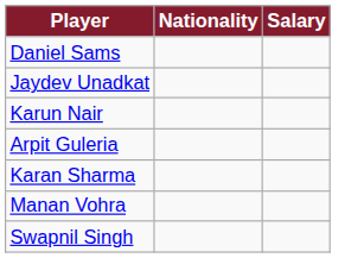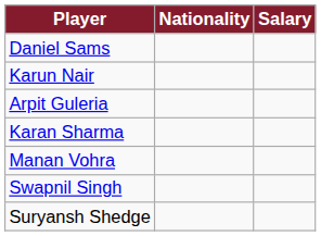 <table class="wikitable" style="font-size:90%;">
 <tr>
 <th style="background: #841B2D;color:white">Player</th>
 <th style="background: #841B2D;color:white">Nationality</th>
 <th style="background: #841B2D;color:white">Salary</th>
 </tr>
 <tr>
 <td><a href='#'>Daniel Sams</a></td>
-<td></td>
-<td></td>
-</tr>
-<tr>
-<td><a href='#'>Jaydev Unadkat</a></td>
 <td></td>
 <td></td>
 </tr>
 <tr>
 <td><a href='#'>Karun Nair</a></td>
 <td></td>
 <td></td>
 </tr>
 <tr>
 <td><a href='#'>Arpit Guleria</a></td>
 <td></td>
 <td></td>
 </tr>
 <tr>
 <td><a href='#'>Karan Sharma</a></td>
 <td></td>
 <td></td>
 </tr>
 <tr>
 <td><a href='#'>Manan Vohra</a></td>
 <td></td>
 <td></td>
 </tr>
 <tr>
 <td><a href='#'>Swapnil Singh</a></td>
 <td></td>
 <td></td>
 </tr>
+<tr>
+<td>Suryansh Shedge</td>
+<td></td>
+<td></td>
+</tr>
 </table>
